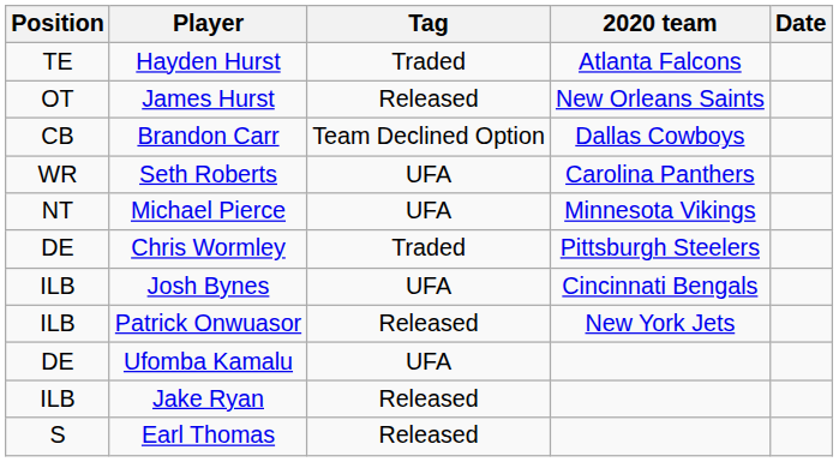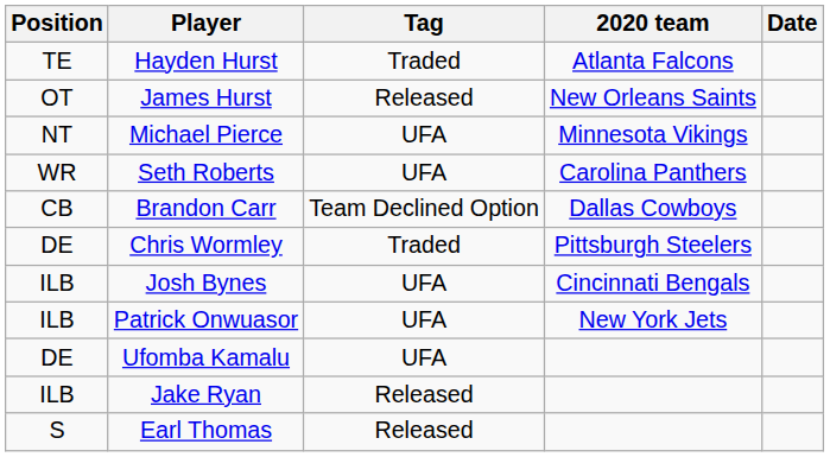 <table class="wikitable sortable" style="text-align:center">
 <tr>
 <th>Position</th>
 <th>Player</th>
 <th>Tag</th>
 <th>2020 team</th>
 <th>Date</th>
 </tr>
 <tr>
 <td>TE</td>
 <td><a href='#'>Hayden Hurst</a></td>
 <td>Traded</td>
 <td><a href='#'>Atlanta Falcons</a></td>
 <td></td>
 </tr>
 <tr>
 <td>OT</td>
 <td><a href='#'>James Hurst</a></td>
 <td>Released</td>
 <td><a href='#'>New Orleans Saints</a></td>
 <td></td>
 </tr>
 <tr>
-<td>CB</td>
-<td><a href='#'>Brandon Carr</a></td>
-<td>Team Declined Option</td>
-<td><a href='#'>Dallas Cowboys</a></td>
+<td>NT</td>
+<td><a href='#'>Michael Pierce</a></td>
+<td>UFA</td>
+<td><a href='#'>Minnesota Vikings</a></td>
 <td></td>
 </tr>
 <tr>
 <td>WR</td>
 <td><a href='#'>Seth Roberts</a></td>
 <td>UFA</td>
 <td><a href='#'>Carolina Panthers</a></td>
 <td></td>
 </tr>
 <tr>
-<td>NT</td>
-<td><a href='#'>Michael Pierce</a></td>
-<td>UFA</td>
-<td><a href='#'>Minnesota Vikings</a></td>
+<td>CB</td>
+<td><a href='#'>Brandon Carr</a></td>
+<td>Team Declined Option</td>
+<td><a href='#'>Dallas Cowboys</a></td>
 <td></td>
 </tr>
 <tr>
 <td>DE</td>
 <td><a href='#'>Chris Wormley</a></td>
 <td>Traded</td>
 <td><a href='#'>Pittsburgh Steelers</a></td>
 <td></td>
 </tr>
 <tr>
 <td>ILB</td>
 <td><a href='#'>Josh Bynes</a></td>
 <td>UFA</td>
 <td><a href='#'>Cincinnati Bengals</a></td>
 <td></td>
 </tr>
 <tr>
 <td>ILB</td>
 <td><a href='#'>Patrick Onwuasor</a></td>
-<td>Released</td>
+<td>UFA</td>
 <td><a href='#'>New York Jets</a></td>
 <td></td>
 </tr>
 <tr>
 <td>DE</td>
 <td><a href='#'>Ufomba Kamalu</a></td>
 <td>UFA</td>
 <td></td>
 <td></td>
 </tr>
 <tr>
 <td>ILB</td>
 <td><a href='#'>Jake Ryan</a></td>
 <td>Released</td>
 <td></td>
 <td></td>
 </tr>
 <tr>
 <td>S</td>
 <td><a href='#'>Earl Thomas</a></td>
 <td>Released</td>
 <td></td>
 <td></td>
 </tr>
 </table>
